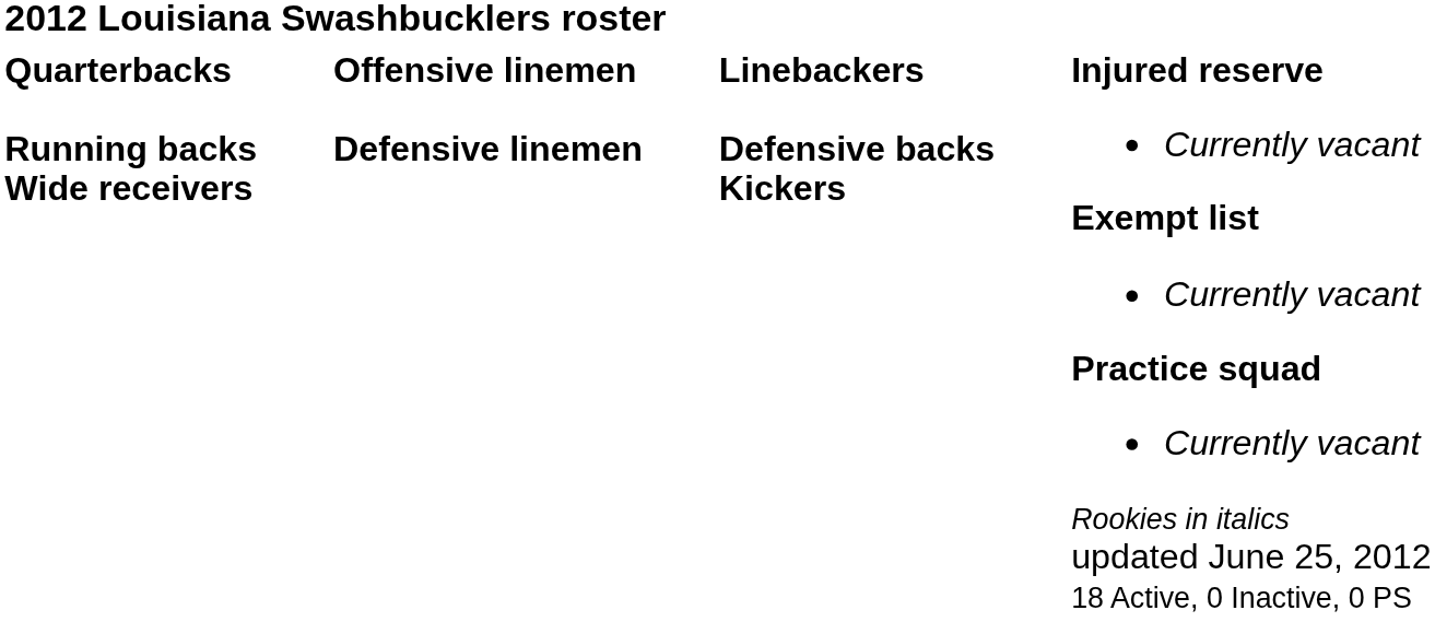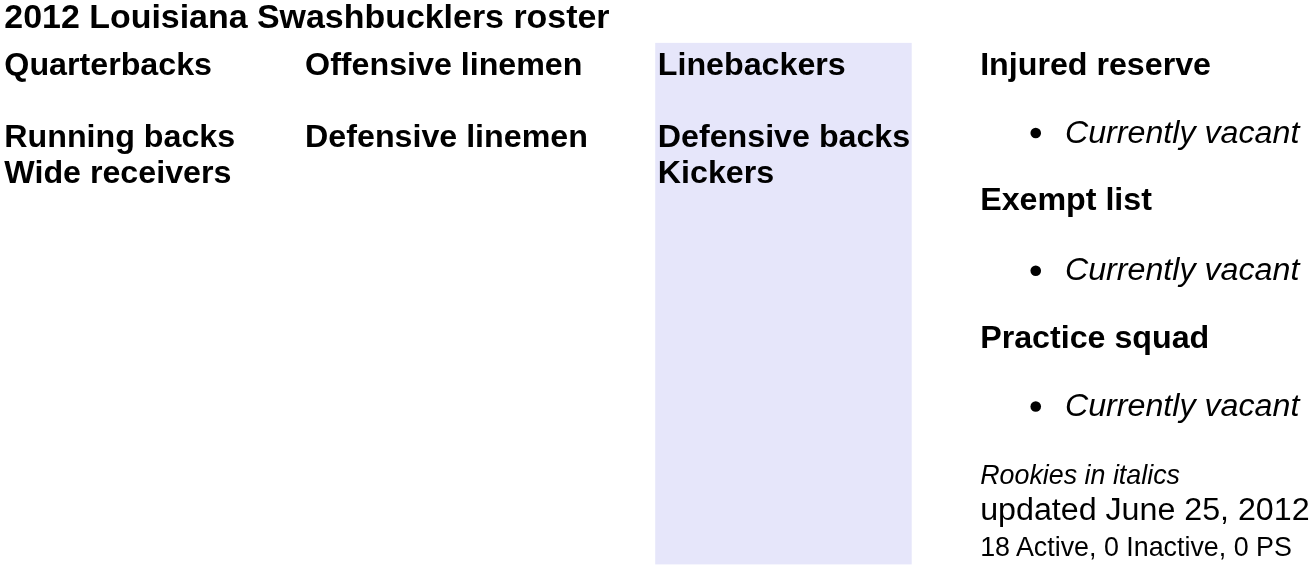 <table class="toccolours" style="text-align: left;">
 <tr>
 <th colspan="7"><strong>2012 Louisiana Swashbucklers roster</strong></th>
 </tr>
 <tr>
 <td style="font-size: 95%;" valign="top"><strong>Quarterbacks</strong><br> <br><strong>Running backs</strong> <br><strong>Wide receivers</strong>   </td>
 <td style="width: 25px;"></td>
 <td style="font-size: 95%;" valign="top"><strong>Offensive linemen</strong><br> <br><strong>Defensive linemen</strong>   </td>
 <td style="width: 25px;"></td>
-<td style="font-size: 95%;" valign="top"><strong>Linebackers</strong><br> <br><strong>Defensive backs</strong>    <br><strong>Kickers</strong> </td>
+<td style="background: lavender; font-size: 95%;" valign="top"><strong>Linebackers</strong><br> <br><strong>Defensive backs</strong>    <br><strong>Kickers</strong> </td>
 <td style="width: 25px;"></td>
 <td style="font-size: 95%;" valign="top"><strong>Injured reserve</strong><br><ul><li><em>Currently vacant</em></li></ul><strong>Exempt list</strong><ul><li><em>Currently vacant</em></li></ul><strong>Practice squad</strong><ul><li><em>Currently vacant</em></li></ul><small><em>Rookies in italics</em></small><br>  updated June 25, 2012<br> <small>18 Active, 0 Inactive, 0 PS</small></td>
 </tr>
 <tr>
 </tr>
 </table>
